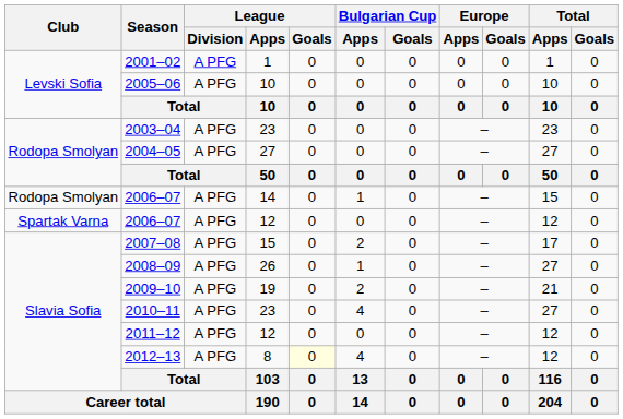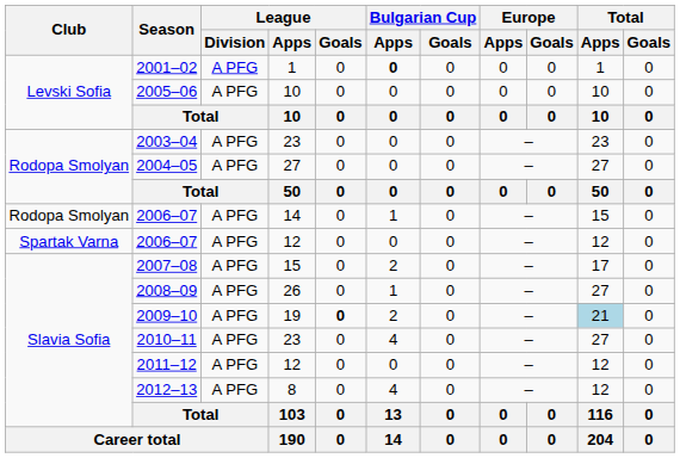 <table class="wikitable" style="text-align:center">
 <tr>
 <th rowspan="2">Club</th>
 <th rowspan="2">Season</th>
 <th colspan="3">League</th>
 <th colspan="2"><a href='#'>Bulgarian Cup</a></th>
 <th colspan="2">Europe</th>
 <th colspan="2">Total</th>
 </tr>
 <tr>
 <th>Division</th>
 <th>Apps</th>
 <th>Goals</th>
 <th>Apps</th>
 <th>Goals</th>
 <th>Apps</th>
 <th>Goals</th>
 <th>Apps</th>
 <th>Goals</th>
 </tr>
 <tr>
 <td rowspan="3"><a href='#'>Levski Sofia</a></td>
 <td><a href='#'>2001–02</a></td>
 <td><a href='#'>A PFG</a></td>
 <td>1</td>
 <td>0</td>
-<td>0</td>
+<td><strong>0</strong></td>
 <td>0</td>
 <td>0</td>
 <td>0</td>
 <td>1</td>
 <td>0</td>
 </tr>
 <tr>
 <td><a href='#'>2005–06</a></td>
 <td>A PFG</td>
 <td>10</td>
 <td>0</td>
 <td>0</td>
 <td>0</td>
 <td>0</td>
 <td>0</td>
 <td>10</td>
 <td>0</td>
 </tr>
 <tr>
 <th colspan="2">Total</th>
 <th>10</th>
 <th>0</th>
 <th>0</th>
 <th>0</th>
 <th>0</th>
 <th>0</th>
 <th>10</th>
 <th>0</th>
 </tr>
 <tr>
 <td rowspan="3"><a href='#'>Rodopa Smolyan</a></td>
 <td><a href='#'>2003–04</a></td>
 <td>A PFG</td>
 <td>23</td>
 <td>0</td>
 <td>0</td>
 <td>0</td>
 <td colspan="2">–</td>
 <td>23</td>
 <td>0</td>
 </tr>
 <tr>
 <td><a href='#'>2004–05</a></td>
 <td>A PFG</td>
 <td>27</td>
 <td>0</td>
 <td>0</td>
 <td>0</td>
 <td colspan="2">–</td>
 <td>27</td>
 <td>0</td>
 </tr>
 <tr>
 <th colspan="2">Total</th>
 <th>50</th>
 <th>0</th>
 <th>0</th>
 <th>0</th>
 <th>0</th>
 <th>0</th>
 <th>50</th>
 <th>0</th>
 </tr>
 <tr>
 <td>Rodopa Smolyan</td>
 <td><a href='#'>2006–07</a></td>
 <td>A PFG</td>
 <td>14</td>
 <td>0</td>
 <td>1</td>
 <td>0</td>
 <td colspan="2">–</td>
 <td>15</td>
 <td>0</td>
 </tr>
 <tr>
 <td><a href='#'>Spartak Varna</a></td>
 <td><a href='#'>2006–07</a></td>
 <td>A PFG</td>
 <td>12</td>
 <td>0</td>
 <td>0</td>
 <td>0</td>
 <td colspan="2">–</td>
 <td>12</td>
 <td>0</td>
 </tr>
 <tr>
 <td rowspan="7"><a href='#'>Slavia Sofia</a></td>
 <td><a href='#'>2007–08</a></td>
 <td>A PFG</td>
 <td>15</td>
 <td>0</td>
 <td>2</td>
 <td>0</td>
 <td colspan="2">–</td>
 <td>17</td>
 <td>0</td>
 </tr>
 <tr>
 <td><a href='#'>2008–09</a></td>
 <td>A PFG</td>
 <td>26</td>
 <td>0</td>
 <td>1</td>
 <td>0</td>
 <td colspan="2">–</td>
 <td>27</td>
 <td>0</td>
 </tr>
 <tr>
 <td><a href='#'>2009–10</a></td>
 <td>A PFG</td>
 <td>19</td>
-<td>0</td>
+<td><strong>0</strong></td>
 <td>2</td>
 <td>0</td>
 <td colspan="2">–</td>
-<td>21</td>
+<td style="background: lightblue;">21</td>
 <td>0</td>
 </tr>
 <tr>
 <td><a href='#'>2010–11</a></td>
 <td>A PFG</td>
 <td>23</td>
 <td>0</td>
 <td>4</td>
 <td>0</td>
 <td colspan="2">–</td>
 <td>27</td>
 <td>0</td>
 </tr>
 <tr>
 <td><a href='#'>2011–12</a></td>
 <td>A PFG</td>
 <td>12</td>
 <td>0</td>
 <td>0</td>
 <td>0</td>
 <td colspan="2">–</td>
 <td>12</td>
 <td>0</td>
 </tr>
 <tr>
 <td><a href='#'>2012–13</a></td>
 <td>A PFG</td>
 <td>8</td>
-<td style="background: lightyellow;">0</td>
+<td>0</td>
 <td>4</td>
 <td>0</td>
 <td colspan="2">–</td>
 <td>12</td>
 <td>0</td>
 </tr>
 <tr>
 <th colspan="2">Total</th>
 <th>103</th>
 <th>0</th>
 <th>13</th>
 <th>0</th>
 <th>0</th>
 <th>0</th>
 <th>116</th>
 <th>0</th>
 </tr>
 <tr>
 <th colspan="3">Career total</th>
 <th>190</th>
 <th>0</th>
 <th>14</th>
 <th>0</th>
 <th>0</th>
 <th>0</th>
 <th>204</th>
 <th>0</th>
 </tr>
 </table>
